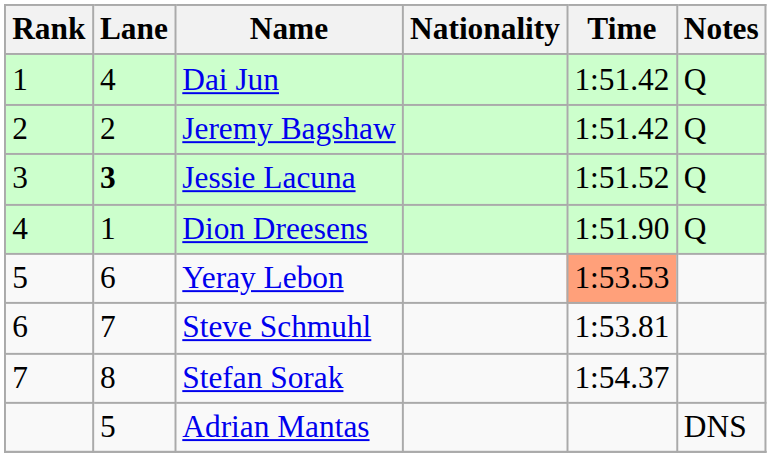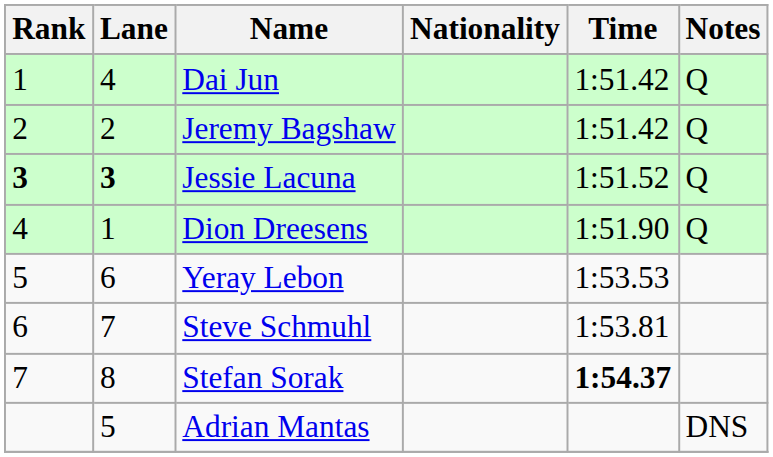 <table class="wikitable">
 <tr>
 <th>Rank</th>
 <th>Lane</th>
 <th>Name</th>
 <th>Nationality</th>
 <th>Time</th>
 <th>Notes</th>
 </tr>
 <tr bgcolor=ccffcc>
 <td>1</td>
 <td>4</td>
 <td><a href='#'>Dai Jun</a></td>
 <td></td>
 <td>1:51.42</td>
 <td>Q</td>
 </tr>
 <tr bgcolor=ccffcc>
 <td>2</td>
 <td>2</td>
 <td><a href='#'>Jeremy Bagshaw</a></td>
 <td></td>
 <td>1:51.42</td>
 <td>Q</td>
 </tr>
 <tr bgcolor=ccffcc>
-<td>3</td>
+<td><strong>3</strong></td>
 <td><strong>3</strong></td>
 <td><a href='#'>Jessie Lacuna</a></td>
 <td></td>
 <td>1:51.52</td>
 <td>Q</td>
 </tr>
 <tr bgcolor=ccffcc>
 <td>4</td>
 <td>1</td>
 <td><a href='#'>Dion Dreesens</a></td>
 <td></td>
 <td>1:51.90</td>
 <td>Q</td>
 </tr>
 <tr>
 <td>5</td>
 <td>6</td>
 <td><a href='#'>Yeray Lebon</a></td>
 <td></td>
-<td style="background: lightsalmon;">1:53.53</td>
+<td>1:53.53</td>
 <td></td>
 </tr>
 <tr>
 <td>6</td>
 <td>7</td>
 <td><a href='#'>Steve Schmuhl</a></td>
 <td></td>
 <td>1:53.81</td>
 <td></td>
 </tr>
 <tr>
 <td>7</td>
 <td>8</td>
 <td><a href='#'>Stefan Sorak</a></td>
 <td></td>
-<td>1:54.37</td>
+<td><strong>1:54.37</strong></td>
 <td></td>
 </tr>
 <tr>
 <td></td>
 <td>5</td>
 <td><a href='#'>Adrian Mantas</a></td>
 <td></td>
 <td></td>
 <td>DNS</td>
 </tr>
 <tr>
 </tr>
 </table>
